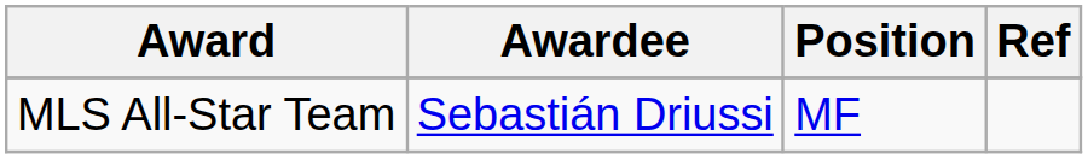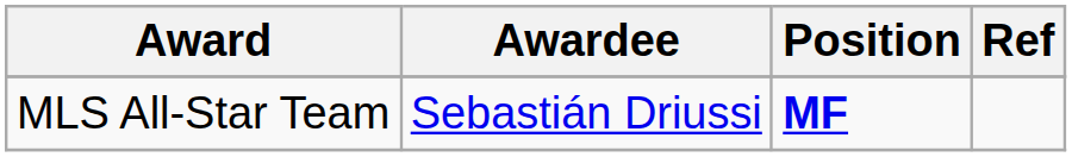 <table class="wikitable">
 <tr style="background:#cccccc;">
 <th>Award</th>
 <th>Awardee</th>
 <th>Position</th>
 <th>Ref</th>
 </tr>
 <tr>
 </tr>
 <tr>
 <td>MLS All-Star Team</td>
 <td> <a href='#'>Sebastián Driussi</a></td>
-<td><a href='#'>MF</a></td>
+<td><strong><a href='#'>MF</a></strong></td>
 <td style="text-align: center;"></td>
 </tr>
 <tr>
 </tr>
 </table>
